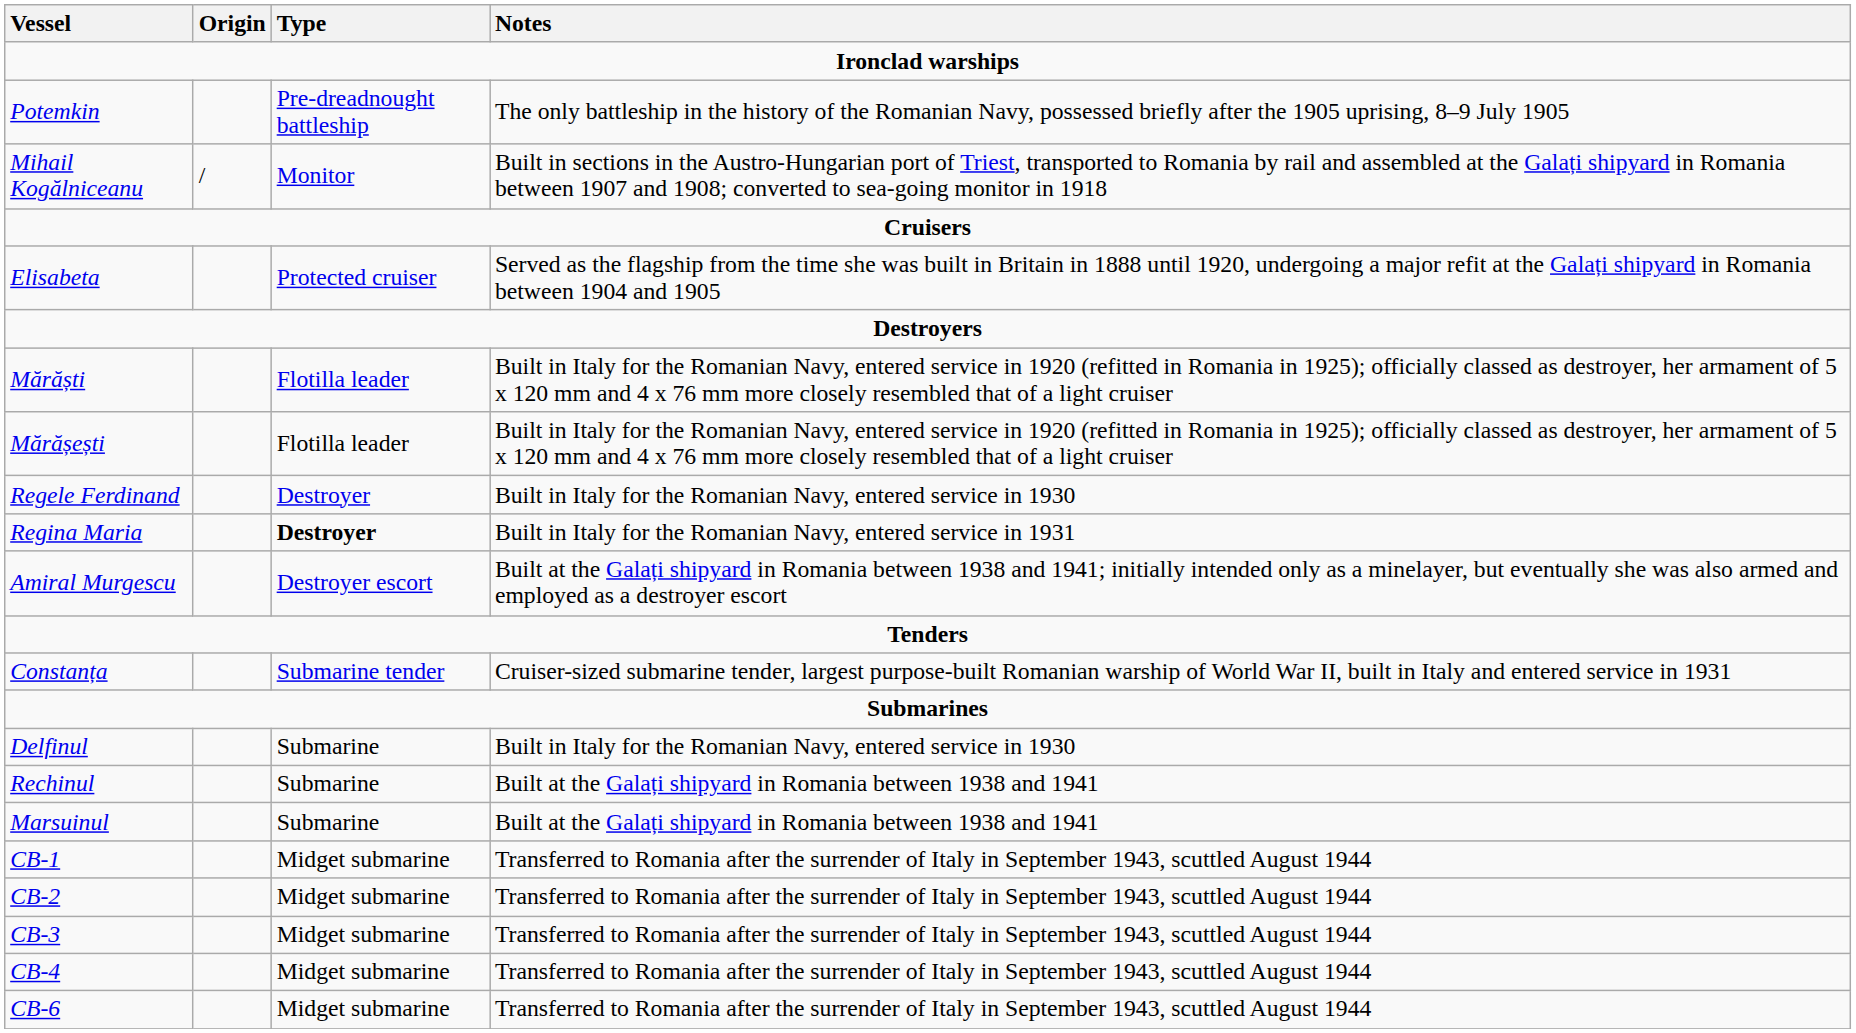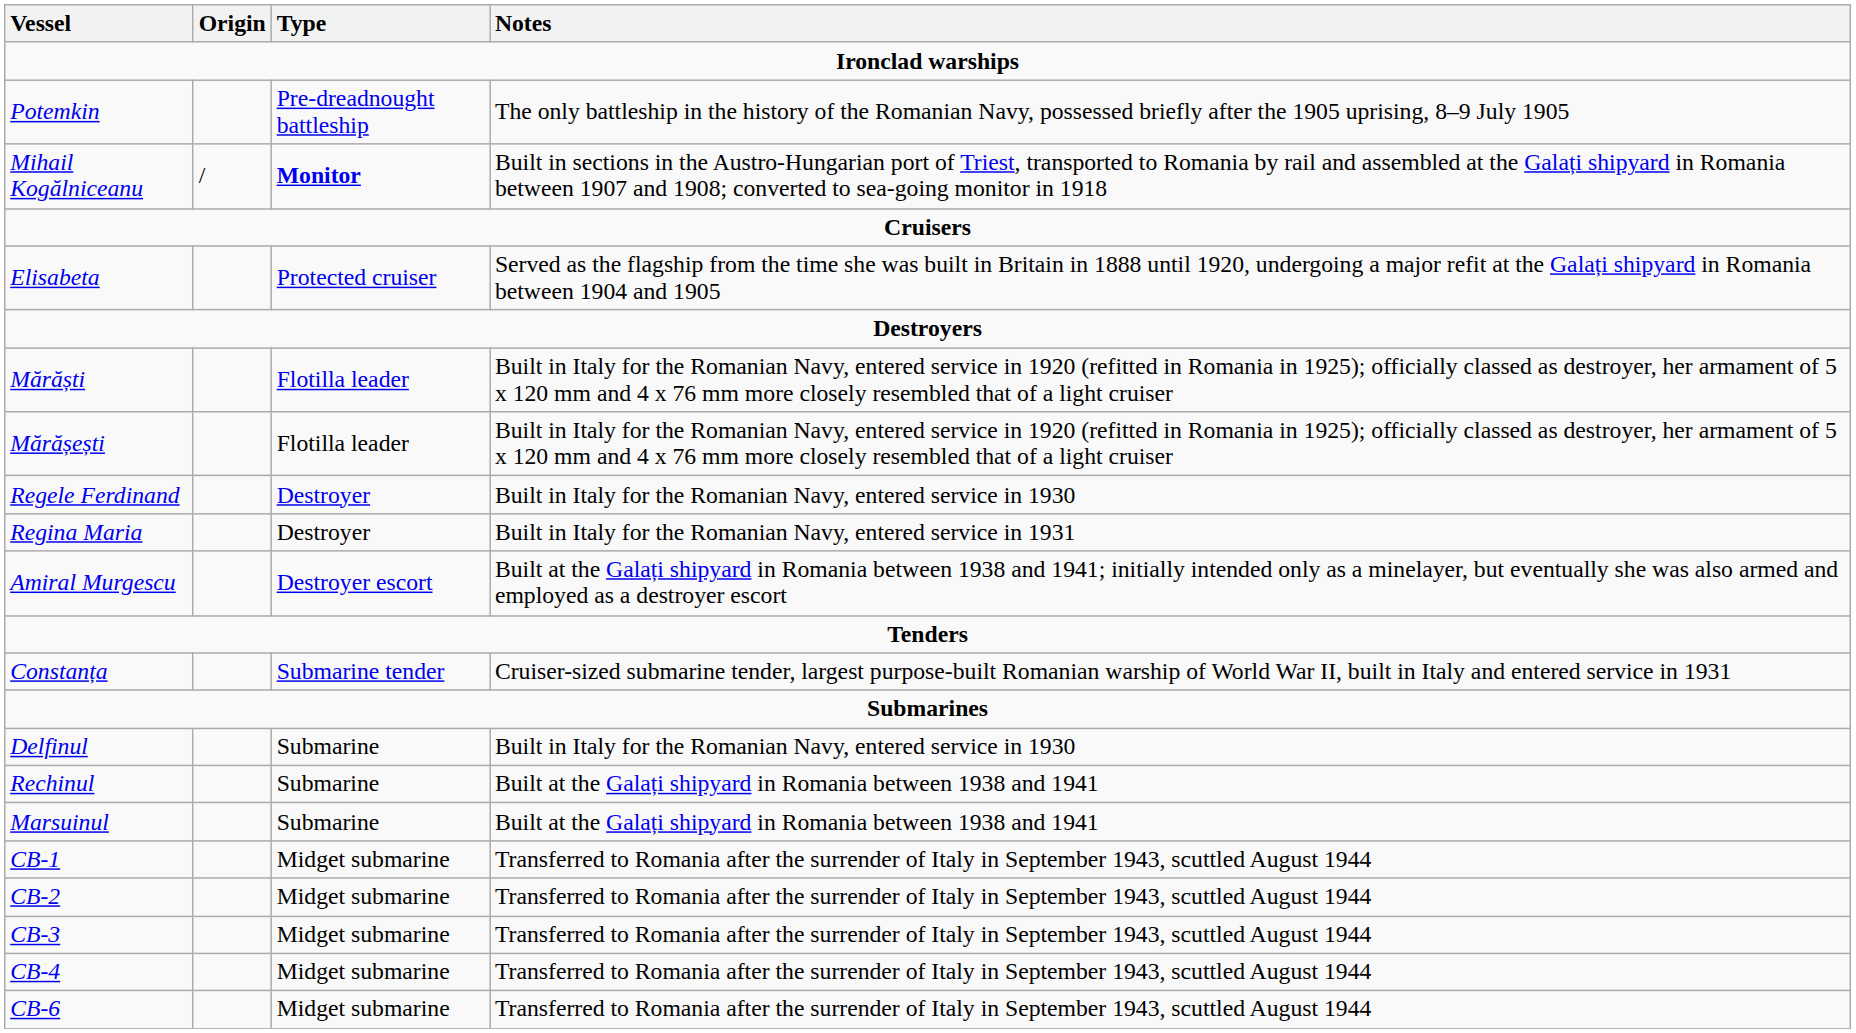 <table class="wikitable">
 <tr>
 <th style="text-align: left;">Vessel</th>
 <th style="text-align: left;">Origin</th>
 <th style="text-align: left;">Type</th>
 <th style="text-align: left;">Notes</th>
 </tr>
 <tr>
 <th colspan="6" style="background:#f9f9f9;">Ironclad warships</th>
 </tr>
 <tr>
 <td><em><a href='#'>Potemkin</a></em></td>
 <td></td>
 <td><a href='#'>Pre-dreadnought battleship</a></td>
 <td>The only battleship in the history of the Romanian Navy, possessed briefly after the 1905 uprising, 8–9 July 1905</td>
 </tr>
 <tr>
 <td><em><a href='#'>Mihail Kogălniceanu</a></em></td>
 <td>/</td>
-<td><a href='#'>Monitor</a></td>
+<td><strong><a href='#'>Monitor</a></strong></td>
 <td>Built in sections in the Austro-Hungarian port of <a href='#'>Triest</a>, transported to Romania by rail and assembled at the <a href='#'>Galați shipyard</a> in Romania between 1907 and 1908; converted to sea-going monitor in 1918</td>
 </tr>
 <tr>
 <th colspan="6" style="background:#f9f9f9;">Cruisers</th>
 </tr>
 <tr>
 <td><em><a href='#'>Elisabeta</a></em></td>
 <td></td>
 <td><a href='#'>Protected cruiser</a></td>
 <td>Served as the flagship from the time she was built in Britain in 1888 until 1920, undergoing a major refit at the <a href='#'>Galați shipyard</a> in Romania between 1904 and 1905</td>
 </tr>
 <tr>
 <th colspan="6" style="background:#f9f9f9;">Destroyers</th>
 </tr>
 <tr>
 <td><em><a href='#'>Mărăști</a></em></td>
 <td></td>
 <td><a href='#'>Flotilla leader</a></td>
 <td>Built in Italy for the Romanian Navy, entered service in 1920 (refitted in Romania in 1925); officially classed as destroyer, her armament of 5 x 120 mm and 4 x 76 mm more closely resembled that of a light cruiser</td>
 </tr>
 <tr>
 <td><em><a href='#'>Mărășești</a></em></td>
 <td></td>
 <td>Flotilla leader</td>
 <td>Built in Italy for the Romanian Navy, entered service in 1920 (refitted in Romania in 1925); officially classed as destroyer, her armament of 5 x 120 mm and 4 x 76 mm more closely resembled that of a light cruiser</td>
 </tr>
 <tr>
 <td><em><a href='#'>Regele Ferdinand</a></em></td>
 <td></td>
 <td><a href='#'>Destroyer</a></td>
 <td>Built in Italy for the Romanian Navy, entered service in 1930</td>
 </tr>
 <tr>
 <td><em><a href='#'>Regina Maria</a></em></td>
 <td></td>
-<td><strong>Destroyer</strong></td>
+<td>Destroyer</td>
 <td>Built in Italy for the Romanian Navy, entered service in 1931</td>
 </tr>
 <tr>
 <td><em><a href='#'>Amiral Murgescu</a></em></td>
 <td></td>
 <td><a href='#'>Destroyer escort</a></td>
 <td>Built at the <a href='#'>Galați shipyard</a> in Romania between 1938 and 1941; initially intended only as a minelayer, but eventually she was also armed and employed as a destroyer escort</td>
 </tr>
 <tr>
 <th colspan="6" style="background:#f9f9f9;">Tenders</th>
 </tr>
 <tr>
 <td><em><a href='#'>Constanța</a></em></td>
 <td></td>
 <td><a href='#'>Submarine tender</a></td>
 <td>Cruiser-sized submarine tender, largest purpose-built Romanian warship of World War II, built in Italy and entered service in 1931</td>
 </tr>
 <tr>
 <th colspan="6" style="background:#f9f9f9;">Submarines</th>
 </tr>
 <tr>
 <td><em><a href='#'>Delfinul</a></em></td>
 <td></td>
 <td>Submarine</td>
 <td>Built in Italy for the Romanian Navy, entered service in 1930</td>
 </tr>
 <tr>
 <td><em><a href='#'>Rechinul</a></em></td>
 <td></td>
 <td>Submarine</td>
 <td>Built at the <a href='#'>Galați shipyard</a> in Romania between 1938 and 1941</td>
 </tr>
 <tr>
 <td><em><a href='#'>Marsuinul</a></em></td>
 <td></td>
 <td>Submarine</td>
 <td>Built at the <a href='#'>Galați shipyard</a> in Romania between 1938 and 1941</td>
 </tr>
 <tr>
 <td><a href='#'><em>CB-1</em></a></td>
 <td></td>
 <td>Midget submarine</td>
 <td>Transferred to Romania after the surrender of Italy in September 1943, scuttled August 1944</td>
 </tr>
 <tr>
 <td><a href='#'><em>CB-2</em></a></td>
 <td></td>
 <td>Midget submarine</td>
 <td>Transferred to Romania after the surrender of Italy in September 1943, scuttled August 1944</td>
 </tr>
 <tr>
 <td><a href='#'><em>CB-3</em></a></td>
 <td></td>
 <td>Midget submarine</td>
 <td>Transferred to Romania after the surrender of Italy in September 1943, scuttled August 1944</td>
 </tr>
 <tr>
 <td><a href='#'><em>CB-4</em></a></td>
 <td></td>
 <td>Midget submarine</td>
 <td>Transferred to Romania after the surrender of Italy in September 1943, scuttled August 1944</td>
 </tr>
 <tr>
 <td><a href='#'><em>CB-6</em></a></td>
 <td></td>
 <td>Midget submarine</td>
 <td>Transferred to Romania after the surrender of Italy in September 1943, scuttled August 1944</td>
 </tr>
 </table>
